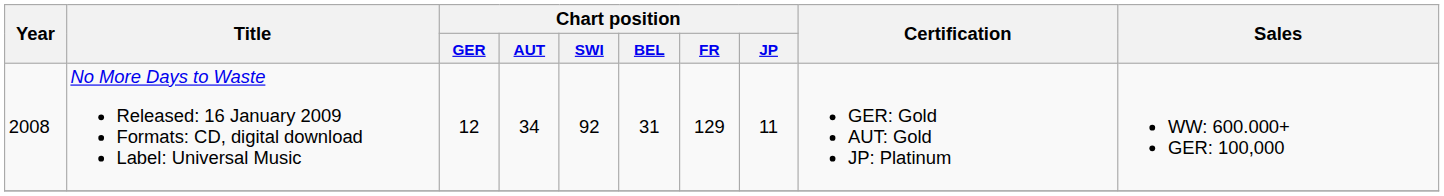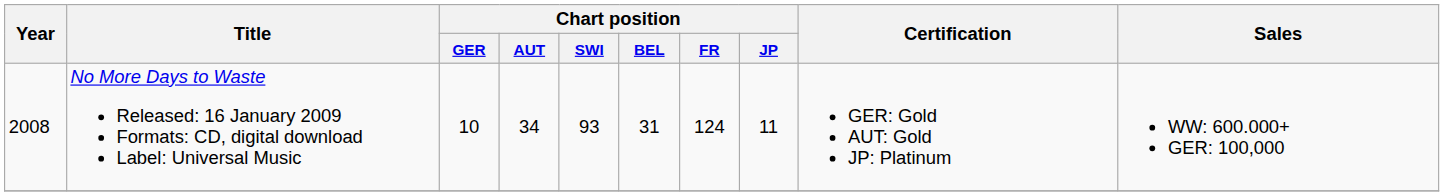 <table class="wikitable">
 <tr>
 <th style="width:3em;" rowspan="2">Year</th>
 <th style="width:22em;" rowspan="2">Title</th>
 <th colspan="6">Chart position</th>
 <th style="width:300px;" rowspan="2">Certification</th>
 <th style="width:300px;" rowspan="2">Sales</th>
 </tr>
 <tr bgcolor="#dddddd">
 <th style="width:3em;"><small> <a href='#'>GER</a></small></th>
 <th style="width:3em;"><small> <a href='#'>AUT</a></small></th>
 <th style="width:3em;"><small> <a href='#'>SWI</a></small></th>
 <th style="width:3em;"><small> <a href='#'>BEL</a></small></th>
 <th style="width:3em;"><small> <a href='#'>FR</a></small></th>
 <th style="width:3em;"><small> <a href='#'>JP</a></small></th>
 </tr>
 <tr>
 <td>2008</td>
 <td><em><a href='#'>No More Days to Waste</a></em><br><ul><li>Released: 16 January 2009</li><li>Formats: CD, digital download</li><li>Label: Universal Music</li></ul></td>
-<td align="center" >12</td>
+<td align="center" >10</td>
 <td align="center" >34</td>
-<td align="center" >92</td>
+<td align="center" >93</td>
 <td align="center" >31</td>
-<td align="center" >129</td>
+<td align="center" >124</td>
 <td align="center" >11</td>
 <td><br><ul><li>GER: Gold</li><li>AUT: Gold</li><li>JP: Platinum</li></ul></td>
 <td><br><ul><li>WW: 600.000+</li><li>GER: 100,000</li></ul></td>
 </tr>
 <tr>
 </tr>
 </table>
